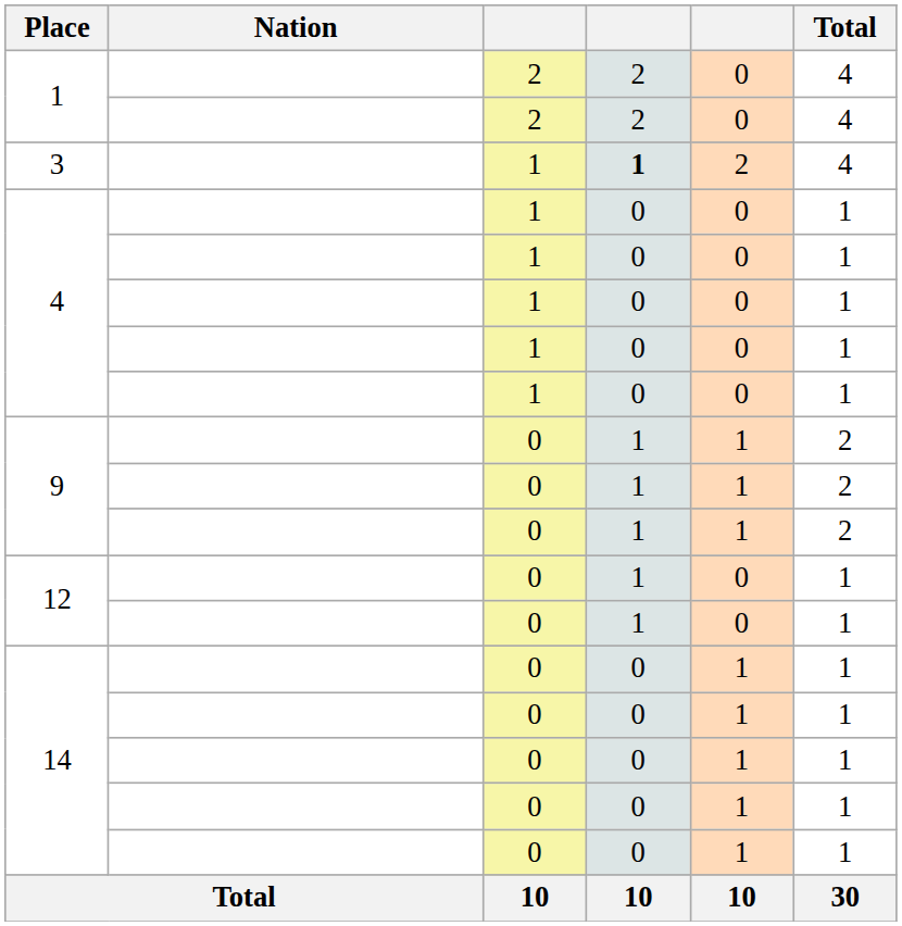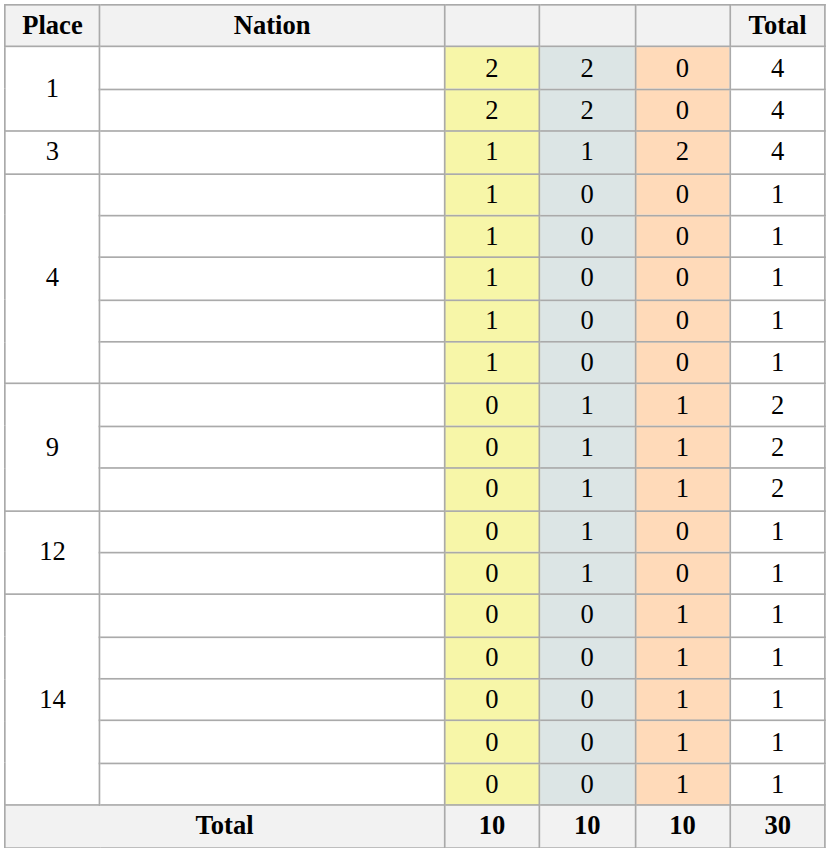 <table class="wikitable" style="border:1px solid #AAAAAA">
 <tr bgcolor="#EFEFEF">
 <th width=50>Place</th>
 <th width=200>Nation</th>
 <th width=50></th>
 <th width=50></th>
 <th width=50></th>
 <th width=50>Total</th>
 </tr>
 <tr align=center bgcolor="#FFFFFF">
 <td rowspan=2>1</td>
 <td align="left"></td>
 <td style="background:#F7F6A8;">2</td>
 <td style="background:#DCE5E5;">2</td>
 <td style="background:#FFDAB9;">0</td>
 <td>4</td>
 </tr>
 <tr align=center bgcolor="#FFFFFF">
 <td align="left"></td>
 <td style="background:#F7F6A8;">2</td>
 <td style="background:#DCE5E5;">2</td>
 <td style="background:#FFDAB9;">0</td>
 <td>4</td>
 </tr>
 <tr align=center bgcolor="#FFFFFF">
 <td>3</td>
 <td align="left"></td>
 <td style="background:#F7F6A8;">1</td>
-<td style="background:#DCE5E5;"><strong>1</strong></td>
+<td style="background:#DCE5E5;">1</td>
 <td style="background:#FFDAB9;">2</td>
 <td>4</td>
 </tr>
 <tr align=center bgcolor="#FFFFFF">
 <td rowspan=5>4</td>
 <td align="left"></td>
 <td style="background:#F7F6A8;">1</td>
 <td style="background:#DCE5E5;">0</td>
 <td style="background:#FFDAB9;">0</td>
 <td>1</td>
 </tr>
 <tr align=center bgcolor="#FFFFFF">
 <td align="left"></td>
 <td style="background:#F7F6A8;">1</td>
 <td style="background:#DCE5E5;">0</td>
 <td style="background:#FFDAB9;">0</td>
 <td>1</td>
 </tr>
 <tr align=center bgcolor="#FFFFFF">
 <td align="left"></td>
 <td style="background:#F7F6A8;">1</td>
 <td style="background:#DCE5E5;">0</td>
 <td style="background:#FFDAB9;">0</td>
 <td>1</td>
 </tr>
 <tr align=center bgcolor="#FFFFFF">
 <td align="left"></td>
 <td style="background:#F7F6A8;">1</td>
 <td style="background:#DCE5E5;">0</td>
 <td style="background:#FFDAB9;">0</td>
 <td>1</td>
 </tr>
 <tr align=center bgcolor="#FFFFFF">
 <td align="left"></td>
 <td style="background:#F7F6A8;">1</td>
 <td style="background:#DCE5E5;">0</td>
 <td style="background:#FFDAB9;">0</td>
 <td>1</td>
 </tr>
 <tr align=center bgcolor="#FFFFFF">
 <td rowspan=3>9</td>
 <td align="left"></td>
 <td style="background:#F7F6A8;">0</td>
 <td style="background:#DCE5E5;">1</td>
 <td style="background:#FFDAB9;">1</td>
 <td>2</td>
 </tr>
 <tr align=center bgcolor="#FFFFFF">
 <td align="left"></td>
 <td style="background:#F7F6A8;">0</td>
 <td style="background:#DCE5E5;">1</td>
 <td style="background:#FFDAB9;">1</td>
 <td>2</td>
 </tr>
 <tr align=center bgcolor="#FFFFFF">
 <td align="left"></td>
 <td style="background:#F7F6A8;">0</td>
 <td style="background:#DCE5E5;">1</td>
 <td style="background:#FFDAB9;">1</td>
 <td>2</td>
 </tr>
 <tr align=center bgcolor="#FFFFFF">
 <td rowspan=2>12</td>
 <td align="left"></td>
 <td style="background:#F7F6A8;">0</td>
 <td style="background:#DCE5E5;">1</td>
 <td style="background:#FFDAB9;">0</td>
 <td>1</td>
 </tr>
 <tr align=center bgcolor="#FFFFFF">
 <td align="left"></td>
 <td style="background:#F7F6A8;">0</td>
 <td style="background:#DCE5E5;">1</td>
 <td style="background:#FFDAB9;">0</td>
 <td>1</td>
 </tr>
 <tr align=center bgcolor="#FFFFFF">
 <td rowspan=5>14</td>
 <td align="left"></td>
 <td style="background:#F7F6A8;">0</td>
 <td style="background:#DCE5E5;">0</td>
 <td style="background:#FFDAB9;">1</td>
 <td>1</td>
 </tr>
 <tr align=center bgcolor="#FFFFFF">
 <td align="left"></td>
 <td style="background:#F7F6A8;">0</td>
 <td style="background:#DCE5E5;">0</td>
 <td style="background:#FFDAB9;">1</td>
 <td>1</td>
 </tr>
 <tr align=center bgcolor="#FFFFFF">
 <td align="left"></td>
 <td style="background:#F7F6A8;">0</td>
 <td style="background:#DCE5E5;">0</td>
 <td style="background:#FFDAB9;">1</td>
 <td>1</td>
 </tr>
 <tr align=center bgcolor="#FFFFFF">
 <td align="left"></td>
 <td style="background:#F7F6A8;">0</td>
 <td style="background:#DCE5E5;">0</td>
 <td style="background:#FFDAB9;">1</td>
 <td>1</td>
 </tr>
 <tr align=center bgcolor="#FFFFFF">
 <td align="left"></td>
 <td style="background:#F7F6A8;">0</td>
 <td style="background:#DCE5E5;">0</td>
 <td style="background:#FFDAB9;">1</td>
 <td>1</td>
 </tr>
 <tr bgcolor="#EFEFEF">
 <th colspan=2>Total</th>
 <th>10</th>
 <th>10</th>
 <th>10</th>
 <th>30</th>
 </tr>
 </table>
